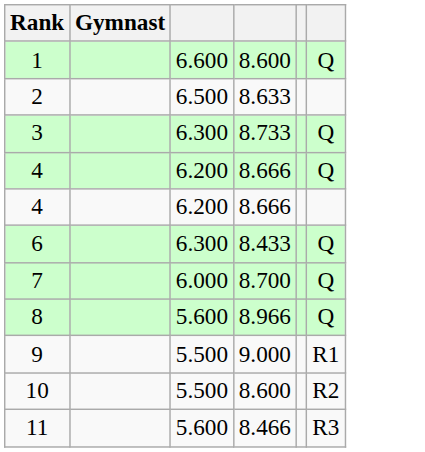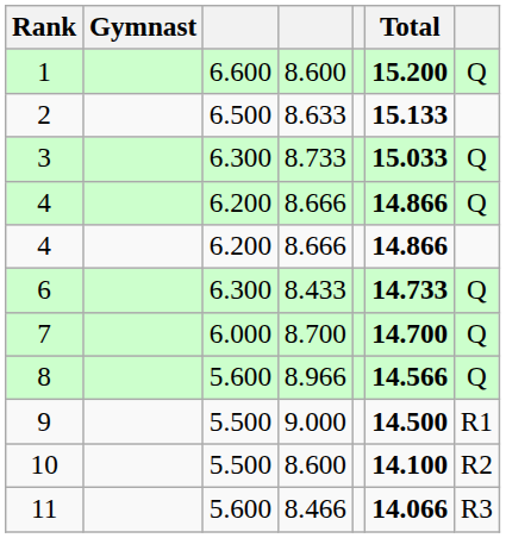 <table class="wikitable sortable" style="text-align:center">
 <tr>
 <th>Rank</th>
 <th>Gymnast</th>
 <th><small></small></th>
 <th><small></small></th>
 <th><small></small></th>
+<th>Total</th>
 <th><small></small></th>
 </tr>
 <tr bgcolor=ccffcc>
 <td>1</td>
 <td align=left></td>
 <td>6.600</td>
 <td>8.600</td>
 <td></td>
+<td><strong>15.200</strong></td>
 <td>Q</td>
 </tr>
 <tr>
 <td>2</td>
 <td align=left></td>
 <td>6.500</td>
 <td>8.633</td>
 <td></td>
+<td><strong>15.133</strong></td>
 <td></td>
 </tr>
 <tr bgcolor=ccffcc>
 <td>3</td>
 <td align=left></td>
 <td>6.300</td>
 <td>8.733</td>
 <td></td>
+<td><strong>15.033</strong></td>
 <td>Q</td>
 </tr>
 <tr bgcolor=ccffcc>
 <td>4</td>
 <td align=left></td>
 <td>6.200</td>
 <td>8.666</td>
 <td></td>
+<td><strong>14.866</strong></td>
 <td>Q</td>
 </tr>
 <tr>
 <td>4</td>
 <td align="left"></td>
 <td>6.200</td>
 <td>8.666</td>
 <td></td>
+<td><strong>14.866</strong></td>
 <td></td>
 </tr>
 <tr bgcolor=ccffcc>
 <td>6</td>
 <td align=left></td>
 <td>6.300</td>
 <td>8.433</td>
 <td></td>
+<td><strong>14.733</strong></td>
 <td>Q</td>
 </tr>
 <tr bgcolor=ccffcc>
 <td>7</td>
 <td align=left></td>
 <td>6.000</td>
 <td>8.700</td>
 <td></td>
+<td><strong>14.700</strong></td>
 <td>Q</td>
 </tr>
 <tr bgcolor=ccffcc>
 <td>8</td>
 <td align=left></td>
 <td>5.600</td>
 <td>8.966</td>
 <td></td>
+<td><strong>14.566</strong></td>
 <td>Q</td>
 </tr>
 <tr>
 <td>9</td>
 <td align=left></td>
 <td>5.500</td>
 <td>9.000</td>
 <td></td>
+<td><strong>14.500</strong></td>
 <td>R1</td>
 </tr>
 <tr>
 <td>10</td>
 <td align=left></td>
 <td>5.500</td>
 <td>8.600</td>
 <td></td>
+<td><strong>14.100</strong></td>
 <td>R2</td>
 </tr>
 <tr>
 <td>11</td>
 <td align=left></td>
 <td>5.600</td>
 <td>8.466</td>
 <td></td>
+<td><strong>14.066</strong></td>
 <td>R3</td>
 </tr>
 </table>
